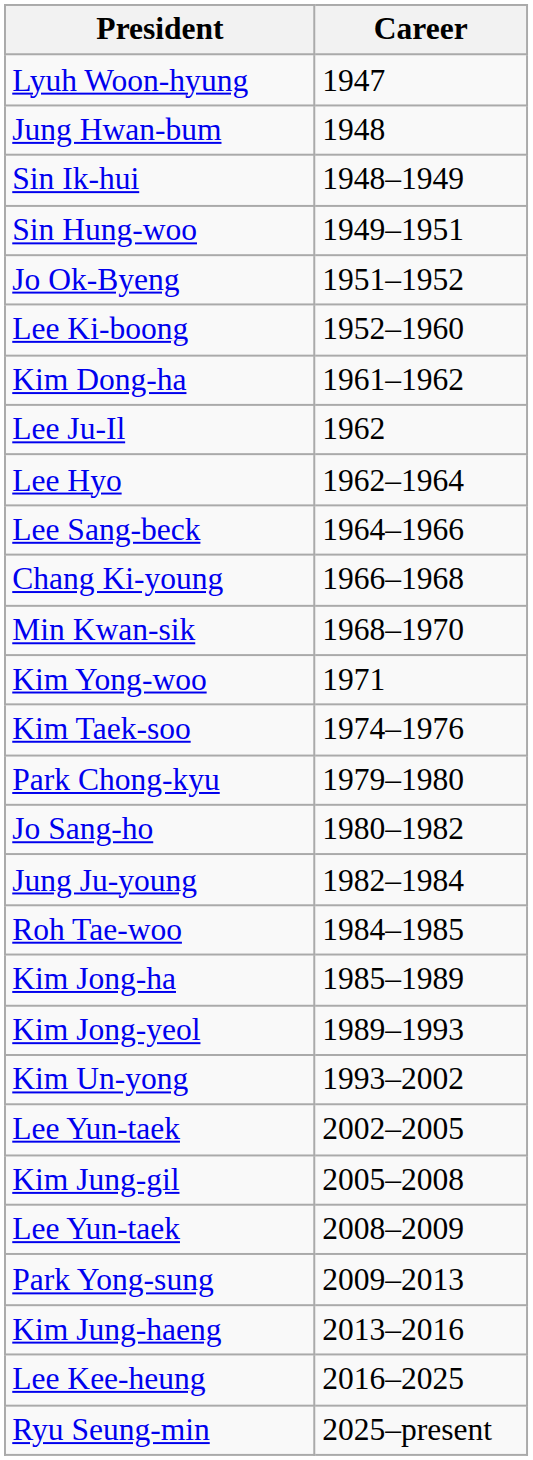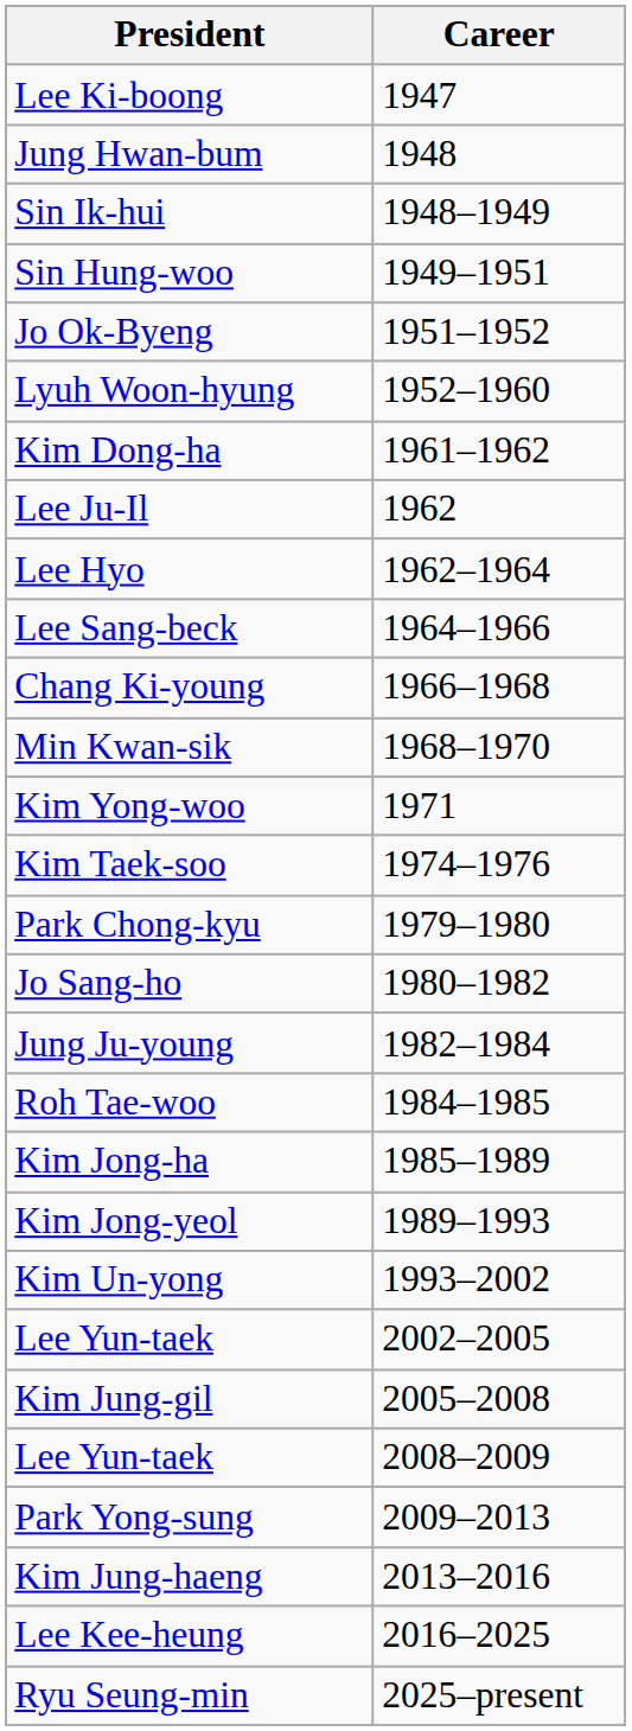 <table class="wikitable sortable">
 <tr>
 <th width="150">President</th>
 <th width="100">Career</th>
 </tr>
 <tr>
-<td><a href='#'>Lyuh Woon-hyung</a></td>
+<td><a href='#'>Lee Ki-boong</a></td>
 <td>1947</td>
 </tr>
 <tr>
 <td><a href='#'>Jung Hwan-bum</a></td>
 <td>1948</td>
 </tr>
 <tr>
 <td><a href='#'>Sin Ik-hui</a></td>
 <td>1948–1949</td>
 </tr>
 <tr>
 <td><a href='#'>Sin Hung-woo</a></td>
 <td>1949–1951</td>
 </tr>
 <tr>
 <td><a href='#'>Jo Ok-Byeng</a></td>
 <td>1951–1952</td>
 </tr>
 <tr>
-<td><a href='#'>Lee Ki-boong</a></td>
+<td><a href='#'>Lyuh Woon-hyung</a></td>
 <td>1952–1960</td>
 </tr>
 <tr>
 <td><a href='#'>Kim Dong-ha</a></td>
 <td>1961–1962</td>
 </tr>
 <tr>
 <td><a href='#'>Lee Ju-Il</a></td>
 <td>1962</td>
 </tr>
 <tr>
 <td><a href='#'>Lee Hyo</a></td>
 <td>1962–1964</td>
 </tr>
 <tr>
 <td><a href='#'>Lee Sang-beck</a></td>
 <td>1964–1966</td>
 </tr>
 <tr>
 <td><a href='#'>Chang Ki-young</a></td>
 <td>1966–1968</td>
 </tr>
 <tr>
 <td><a href='#'>Min Kwan-sik</a></td>
 <td>1968–1970</td>
 </tr>
 <tr>
 <td><a href='#'>Kim Yong-woo</a></td>
 <td>1971</td>
 </tr>
 <tr>
 <td><a href='#'>Kim Taek-soo</a></td>
 <td>1974–1976</td>
 </tr>
 <tr>
 <td><a href='#'>Park Chong-kyu</a></td>
 <td>1979–1980</td>
 </tr>
 <tr>
 <td><a href='#'>Jo Sang-ho</a></td>
 <td>1980–1982</td>
 </tr>
 <tr>
 <td><a href='#'>Jung Ju-young</a></td>
 <td>1982–1984</td>
 </tr>
 <tr>
 <td><a href='#'>Roh Tae-woo</a></td>
 <td>1984–1985</td>
 </tr>
 <tr>
 <td><a href='#'>Kim Jong-ha</a></td>
 <td>1985–1989</td>
 </tr>
 <tr>
 <td><a href='#'>Kim Jong-yeol</a></td>
 <td>1989–1993</td>
 </tr>
 <tr>
 <td><a href='#'>Kim Un-yong</a></td>
 <td>1993–2002</td>
 </tr>
 <tr>
 <td><a href='#'>Lee Yun-taek</a></td>
 <td>2002–2005</td>
 </tr>
 <tr>
 <td><a href='#'>Kim Jung-gil</a></td>
 <td>2005–2008</td>
 </tr>
 <tr>
 <td><a href='#'>Lee Yun-taek</a></td>
 <td>2008–2009</td>
 </tr>
 <tr>
 <td><a href='#'>Park Yong-sung</a></td>
 <td>2009–2013</td>
 </tr>
 <tr>
 <td><a href='#'>Kim Jung-haeng</a></td>
 <td>2013–2016</td>
 </tr>
 <tr>
 <td><a href='#'>Lee Kee-heung</a></td>
 <td>2016–2025</td>
 </tr>
 <tr>
 <td><a href='#'>Ryu Seung-min</a></td>
 <td>2025–present</td>
 </tr>
 </table>
